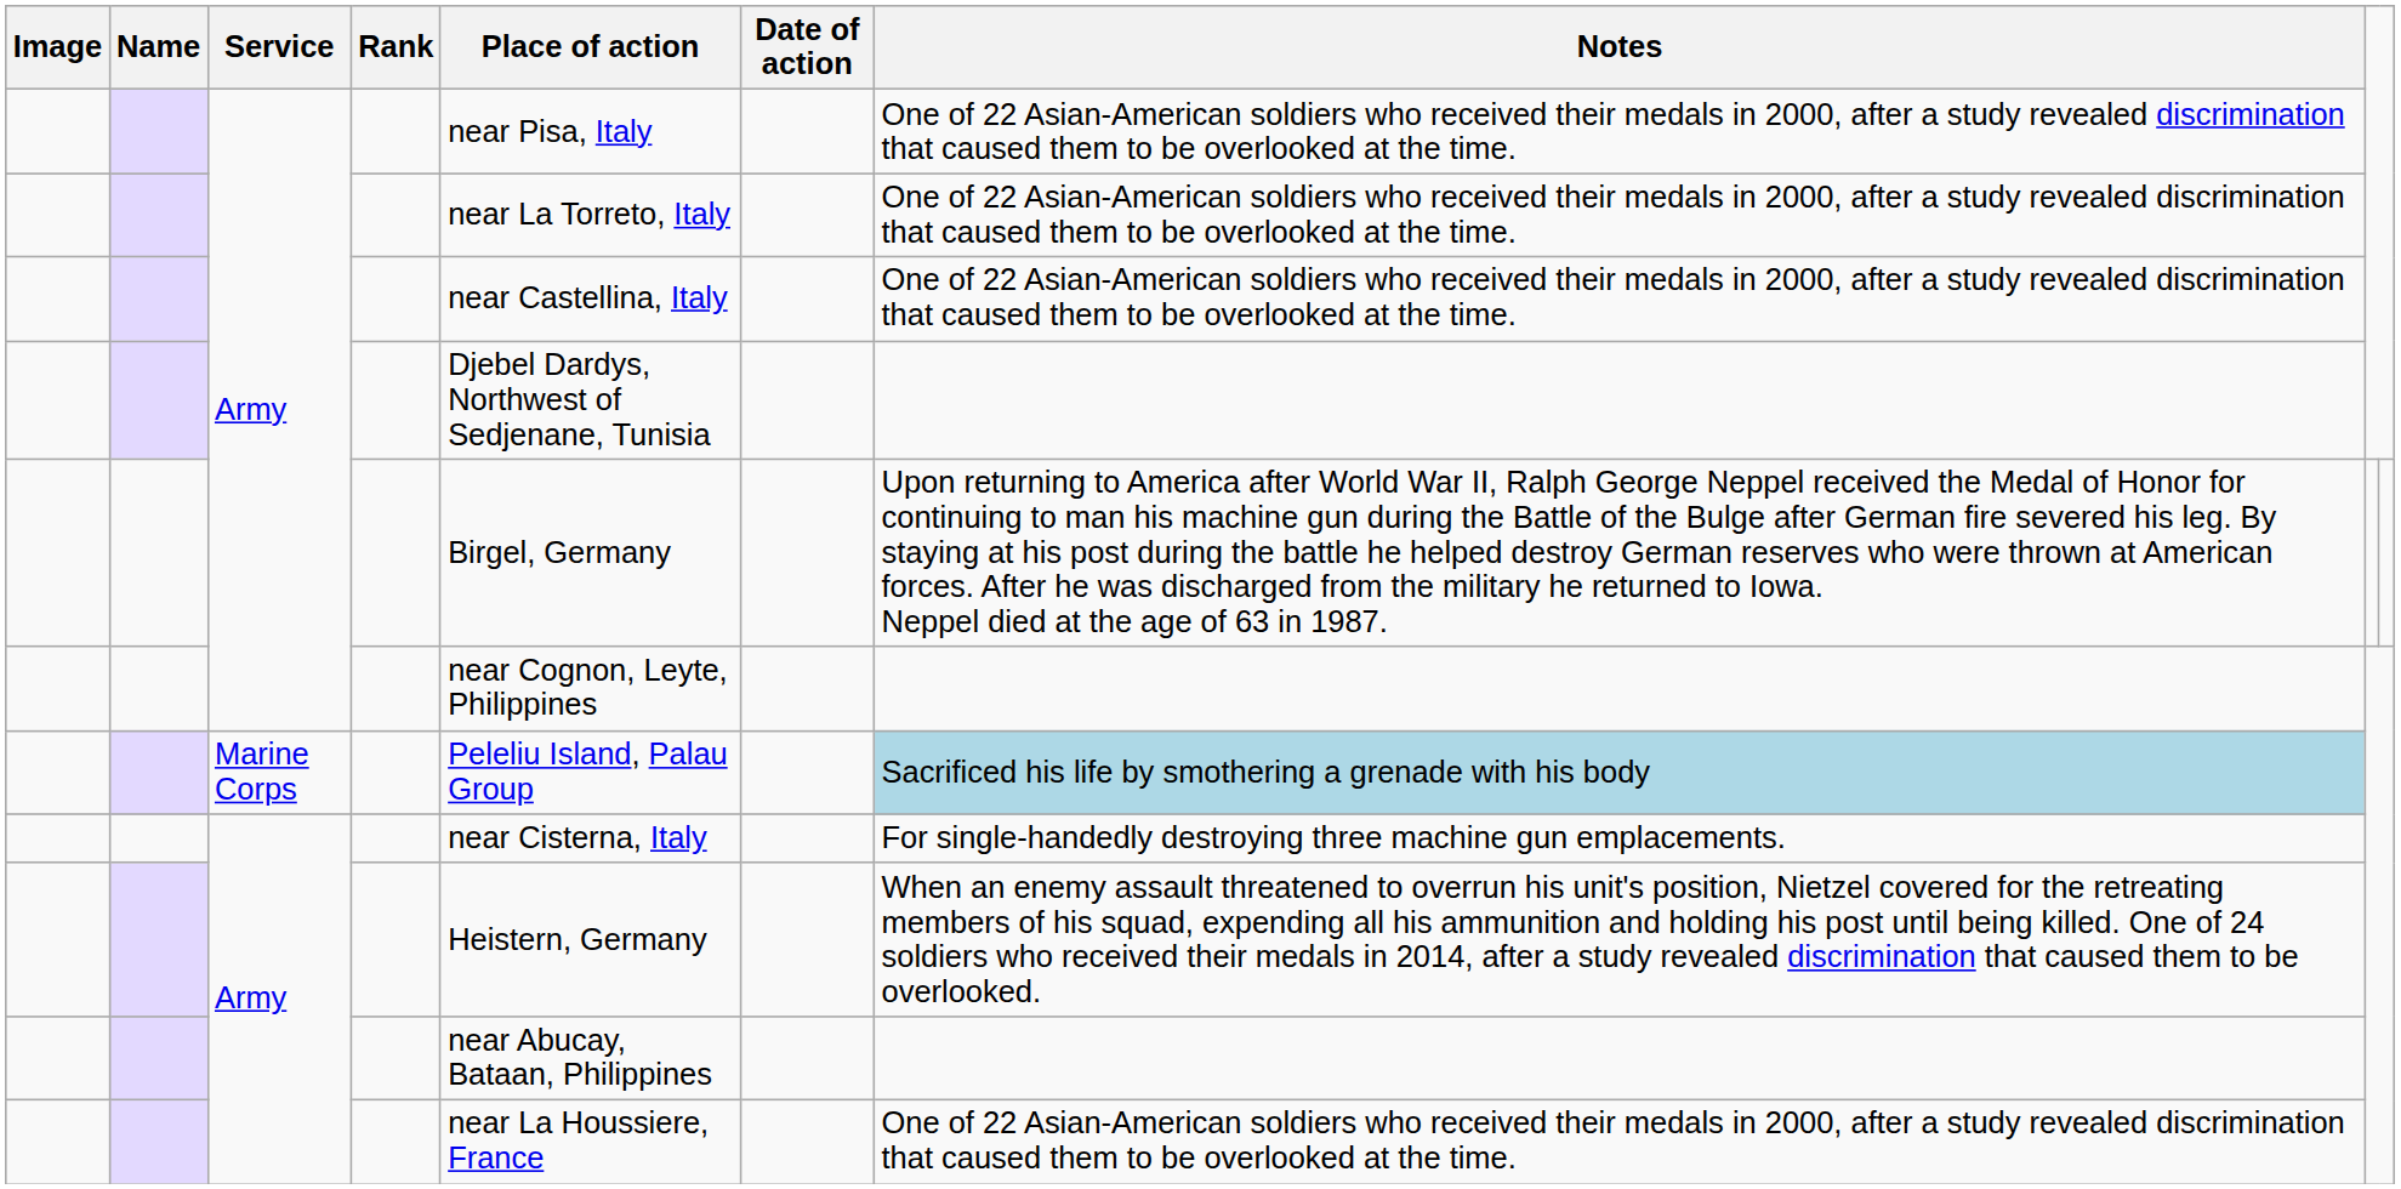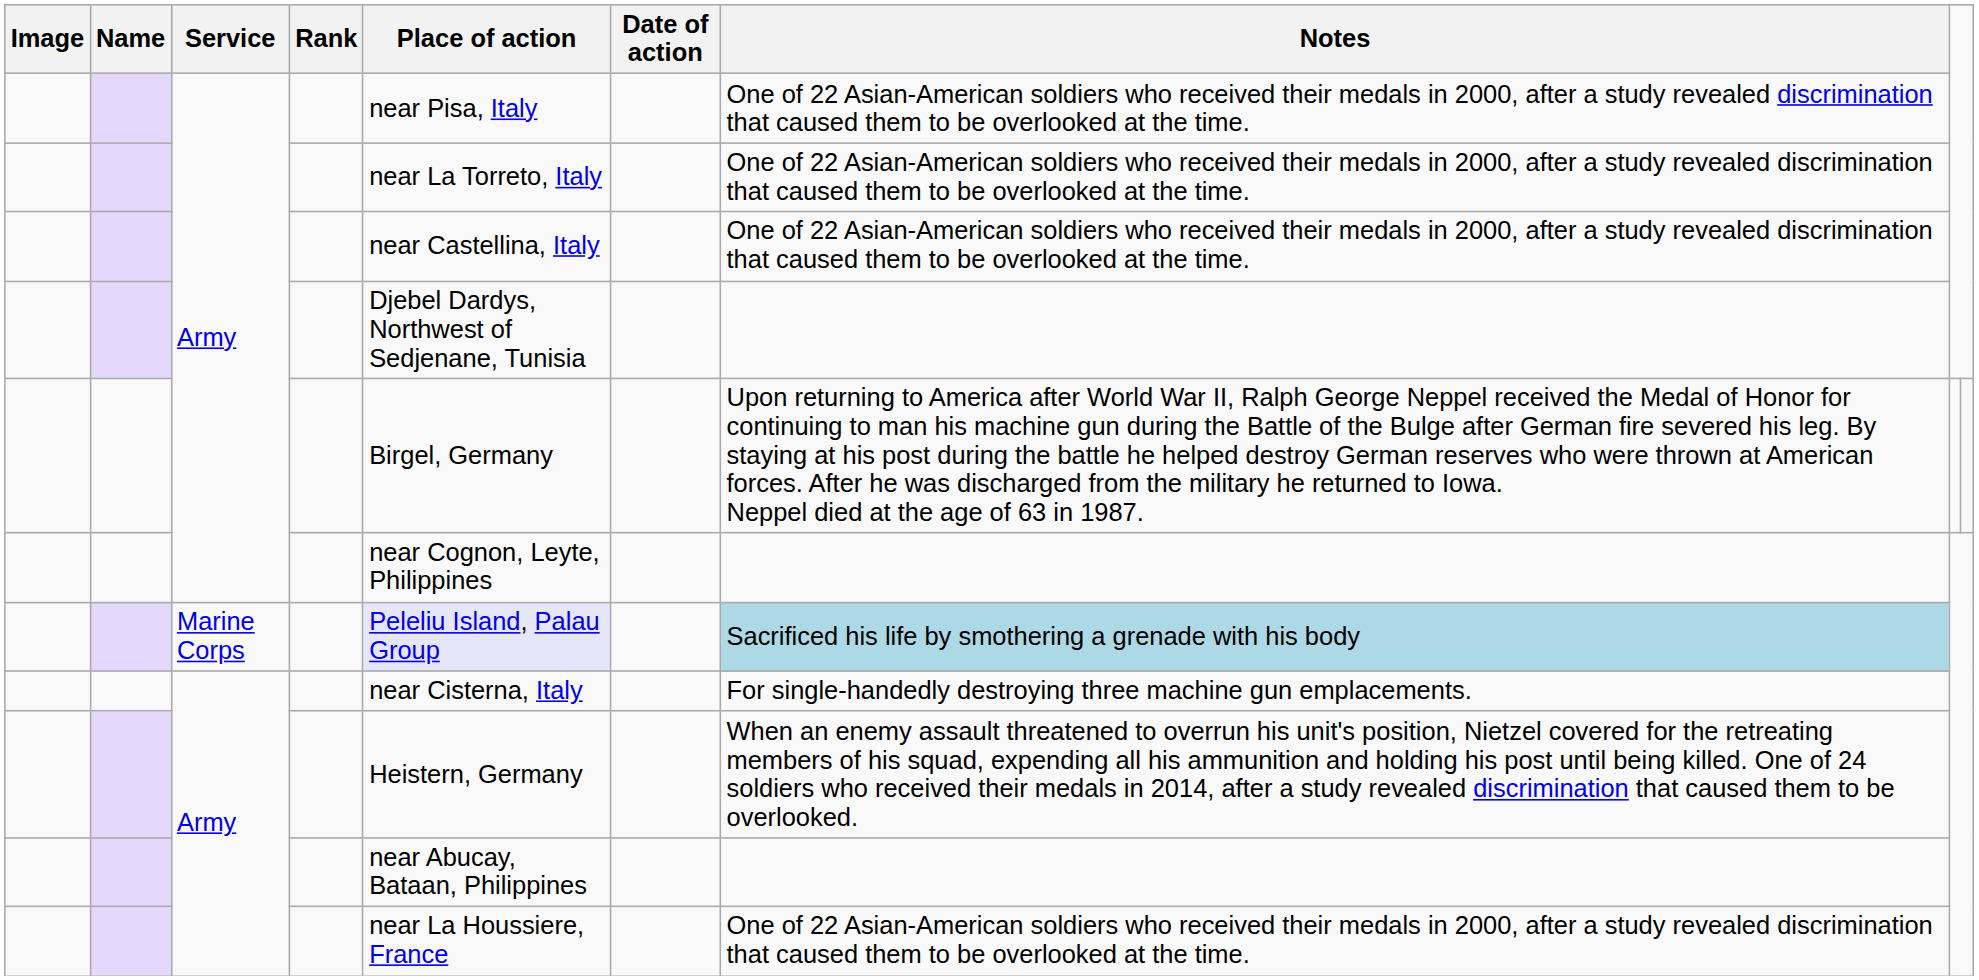 <table class="wikitable sortable" width="98%">
 <tr>
 <th class="unsortable">Image</th>
 <th>Name</th>
 <th>Service</th>
 <th>Rank</th>
 <th>Place of action</th>
 <th>Date of action</th>
 <th class="unsortable">Notes</th>
 </tr>
 <tr>
 <td></td>
 <td style="background:#e3d9ff;"></td>
 <td rowspan="6"><a href='#'>Army</a></td>
 <td></td>
 <td>near Pisa, <a href='#'>Italy</a></td>
 <td></td>
 <td>One of 22 Asian-American soldiers who received their medals in 2000, after a study revealed <a href='#'>discrimination</a> that caused them to be overlooked at the time.</td>
 </tr>
 <tr>
 <td></td>
 <td style="background:#e3d9ff;"></td>
 <td></td>
 <td>near La Torreto, <a href='#'>Italy</a></td>
 <td></td>
 <td>One of 22 Asian-American soldiers who received their medals in 2000, after a study revealed discrimination that caused them to be overlooked at the time.</td>
 </tr>
 <tr>
 <td></td>
 <td style="background:#e3d9ff;"></td>
 <td></td>
 <td>near Castellina, <a href='#'>Italy</a></td>
 <td></td>
 <td>One of 22 Asian-American soldiers who received their medals in 2000, after a study revealed discrimination that caused them to be overlooked at the time.</td>
 </tr>
 <tr>
 <td></td>
 <td style="background:#e3d9ff;"></td>
 <td></td>
 <td>Djebel Dardys, Northwest of Sedjenane, Tunisia</td>
 <td></td>
 <td></td>
 </tr>
 <tr>
 <td></td>
 <td></td>
 <td></td>
 <td>Birgel, Germany</td>
 <td></td>
 <td>Upon returning to America after World War II, Ralph George Neppel received the Medal of Honor for continuing to man his machine gun during the Battle of the Bulge after German fire severed his leg. By staying at his post during the battle he helped destroy German reserves who were thrown at American forces. After he was discharged from the military he returned to Iowa.<br>Neppel died at the age of 63 in 1987.</td>
 <td></td>
 <td></td>
 </tr>
 <tr>
 <td></td>
 <td></td>
 <td></td>
 <td>near Cognon, Leyte, Philippines</td>
 <td></td>
 <td></td>
 </tr>
 <tr>
 <td></td>
 <td style="background:#e3d9ff;"></td>
 <td><a href='#'>Marine Corps</a></td>
 <td></td>
-<td><a href='#'>Peleliu Island</a>, <a href='#'>Palau Group</a></td>
+<td style="background: lavender;"><a href='#'>Peleliu Island</a>, <a href='#'>Palau Group</a></td>
 <td></td>
 <td style="background: lightblue;">Sacrificed his life by smothering a grenade with his body</td>
 </tr>
 <tr>
 <td></td>
 <td></td>
 <td rowspan="4"><a href='#'>Army</a></td>
 <td></td>
 <td>near Cisterna, <a href='#'>Italy</a></td>
 <td></td>
 <td>For single-handedly destroying three machine gun emplacements.</td>
 </tr>
 <tr>
 <td></td>
 <td style="background:#e3d9ff;"></td>
 <td></td>
 <td>Heistern, Germany</td>
 <td></td>
 <td>When an enemy assault threatened to overrun his unit's position, Nietzel covered for the retreating members of his squad, expending all his ammunition and holding his post until being killed. One of 24 soldiers who received their medals in 2014, after a study revealed <a href='#'>discrimination</a> that caused them to be overlooked.</td>
 </tr>
 <tr>
 <td></td>
 <td style="background:#e3d9ff;"></td>
 <td></td>
 <td>near Abucay, Bataan, Philippines</td>
 <td></td>
 <td></td>
 </tr>
 <tr>
 <td></td>
 <td style="background:#e3d9ff;"></td>
 <td></td>
 <td>near La Houssiere, <a href='#'>France</a></td>
 <td></td>
 <td>One of 22 Asian-American soldiers who received their medals in 2000, after a study revealed discrimination that caused them to be overlooked at the time.</td>
 </tr>
 </table>
